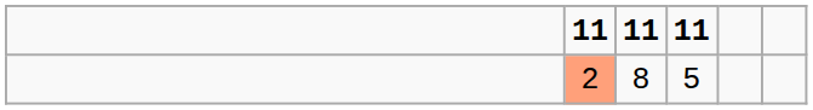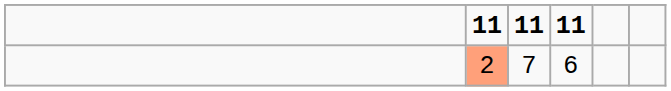 <table class="wikitable">
 <tr>
 <td style="width:18em"><strong></strong></td>
 <td align=center style="width:1em"><strong>11</strong></td>
 <td align=center style="width:1em"><strong>11</strong></td>
 <td align=center style="width:1em"><strong>11</strong></td>
 <td align=center style="width:1em"></td>
 <td align=center style="width:1em"></td>
 </tr>
 <tr>
 <td style="width:18em"></td>
 <td align=center style="background: lightsalmon; width:1em">2</td>
-<td align=center style="width:1em">8</td>
-<td align=center style="width:1em">5</td>
+<td align=center style="width:1em">7</td>
+<td align=center style="width:1em">6</td>
 <td align=center style="width:1em"></td>
 <td align=center style="width:1em"></td>
 </tr>
 </table>
